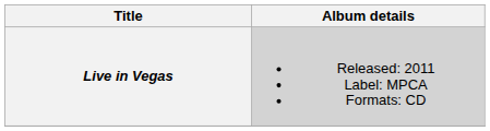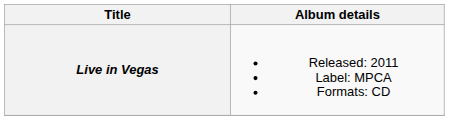 <table class="wikitable plainrowheaders" style="text-align:center;" border="1">
 <tr>
 <th style="width:17em;">Title</th>
 <th style="width:16em;">Album details</th>
 </tr>
 <tr>
 <th scope="row"><em>Live in Vegas</em></th>
-<td style="background: lightgrey;"><br><ul><li>Released: 2011</li><li>Label: MPCA</li><li>Formats: CD</li></ul></td>
+<td><br><ul><li>Released: 2011</li><li>Label: MPCA</li><li>Formats: CD</li></ul></td>
 </tr>
 <tr>
 </tr>
 </table>
